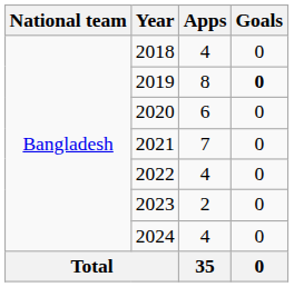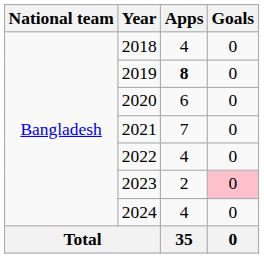 <table class="wikitable" style="text-align:center">
 <tr>
 <th>National team</th>
 <th>Year</th>
 <th>Apps</th>
 <th>Goals</th>
 </tr>
 <tr>
 <td rowspan="7"><a href='#'>Bangladesh</a></td>
 <td>2018</td>
 <td>4</td>
 <td>0</td>
 </tr>
 <tr>
 <td>2019</td>
-<td>8</td>
-<td><strong>0</strong></td>
+<td><strong>8</strong></td>
+<td>0</td>
 </tr>
 <tr>
 <td>2020</td>
 <td>6</td>
 <td>0</td>
 </tr>
 <tr>
 <td>2021</td>
 <td>7</td>
 <td>0</td>
 </tr>
 <tr>
 <td>2022</td>
 <td>4</td>
 <td>0</td>
 </tr>
 <tr>
 <td>2023</td>
 <td>2</td>
-<td>0</td>
+<td style="background: pink;">0</td>
 </tr>
 <tr>
 <td>2024</td>
 <td>4</td>
 <td>0</td>
 </tr>
 <tr>
 <th colspan=2>Total</th>
 <th>35</th>
 <th>0</th>
 </tr>
 </table>
